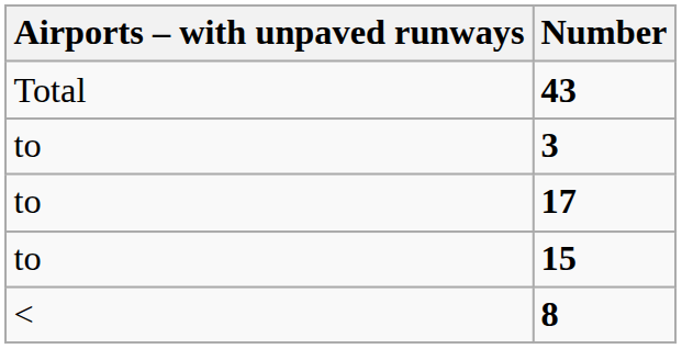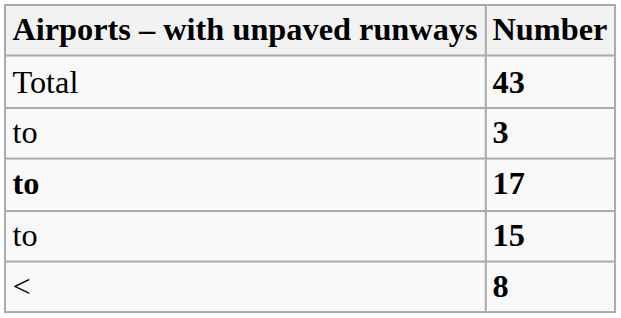 <table class="wikitable">
 <tr>
 <th>Airports – with unpaved runways</th>
 <th>Number</th>
 </tr>
 <tr>
 <td>Total</td>
 <td><strong>43</strong></td>
 </tr>
 <tr>
 <td> to </td>
 <td><strong> 3</strong></td>
 </tr>
 <tr>
-<td> to </td>
+<td><strong> to </strong></td>
 <td><strong>17</strong></td>
 </tr>
 <tr>
 <td> to </td>
 <td><strong>15</strong></td>
 </tr>
 <tr>
 <td>< </td>
 <td><strong>8</strong></td>
 </tr>
 </table>
